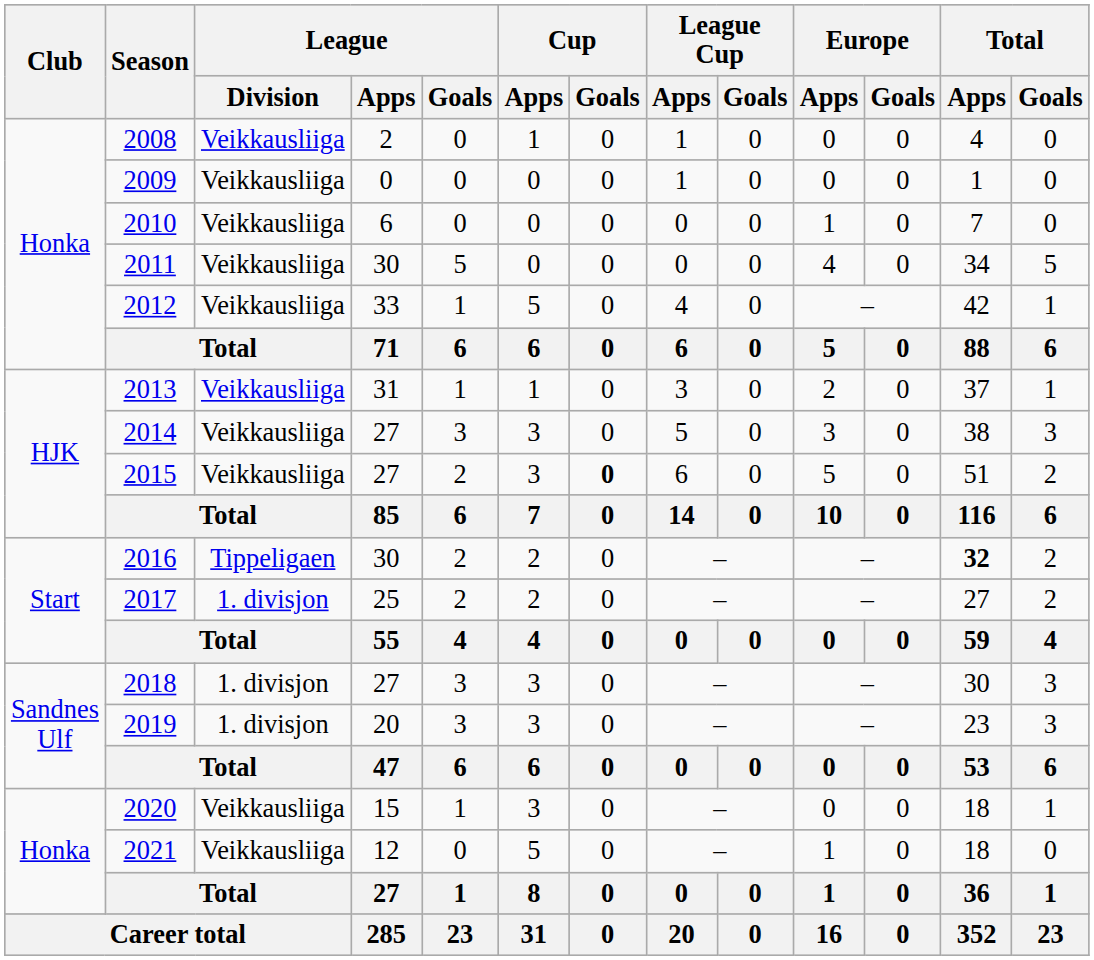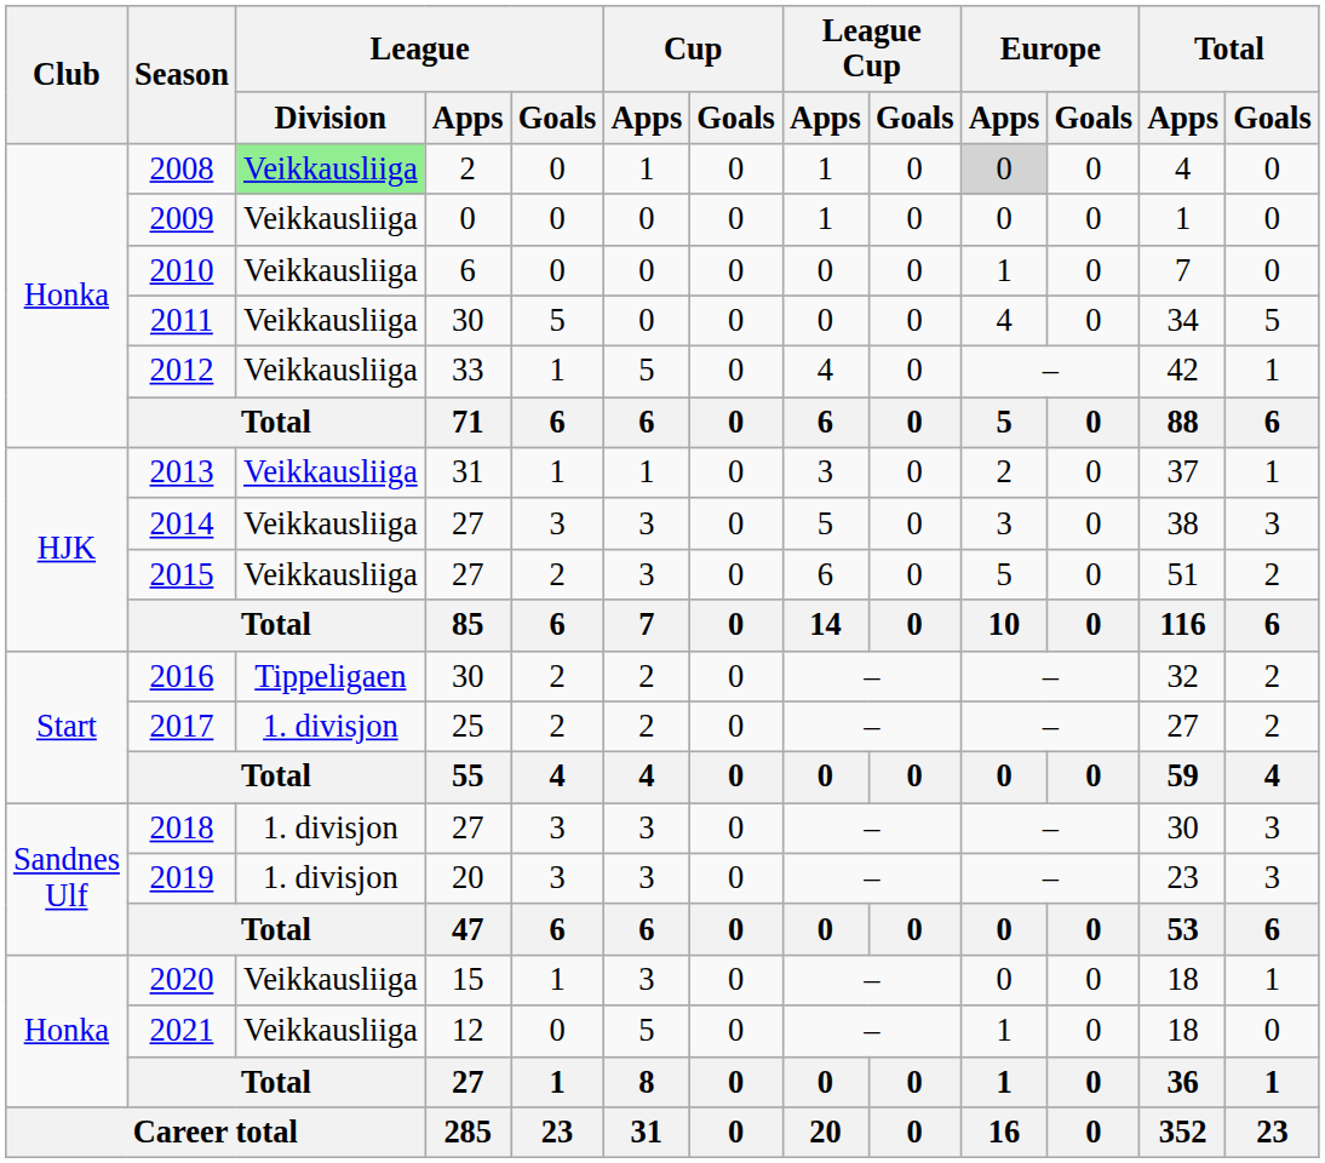 <table class="wikitable" style="text-align: center;">
 <tr>
 <th rowspan="2">Club</th>
 <th rowspan="2">Season</th>
 <th colspan="3">League</th>
 <th colspan="2">Cup</th>
 <th colspan="2">League Cup</th>
 <th colspan="2">Europe</th>
 <th colspan="2">Total</th>
 </tr>
 <tr>
 <th>Division</th>
 <th>Apps</th>
 <th>Goals</th>
 <th>Apps</th>
 <th>Goals</th>
 <th>Apps</th>
 <th>Goals</th>
 <th>Apps</th>
 <th>Goals</th>
 <th>Apps</th>
 <th>Goals</th>
 </tr>
 <tr>
 <td rowspan="6" valign="center"><a href='#'>Honka</a></td>
 <td><a href='#'>2008</a></td>
-<td><a href='#'>Veikkausliiga</a></td>
+<td style="background: lightgreen;"><a href='#'>Veikkausliiga</a></td>
 <td>2</td>
 <td>0</td>
 <td>1</td>
 <td>0</td>
 <td>1</td>
 <td>0</td>
-<td>0</td>
+<td style="background: lightgrey;">0</td>
 <td>0</td>
 <td>4</td>
 <td>0</td>
 </tr>
 <tr>
 <td><a href='#'>2009</a></td>
 <td>Veikkausliiga</td>
 <td>0</td>
 <td>0</td>
 <td>0</td>
 <td>0</td>
 <td>1</td>
 <td>0</td>
 <td>0</td>
 <td>0</td>
 <td>1</td>
 <td>0</td>
 </tr>
 <tr>
 <td><a href='#'>2010</a></td>
 <td>Veikkausliiga</td>
 <td>6</td>
 <td>0</td>
 <td>0</td>
 <td>0</td>
 <td>0</td>
 <td>0</td>
 <td>1</td>
 <td>0</td>
 <td>7</td>
 <td>0</td>
 </tr>
 <tr>
 <td><a href='#'>2011</a></td>
 <td>Veikkausliiga</td>
 <td>30</td>
 <td>5</td>
 <td>0</td>
 <td>0</td>
 <td>0</td>
 <td>0</td>
 <td>4</td>
 <td>0</td>
 <td>34</td>
 <td>5</td>
 </tr>
 <tr>
 <td><a href='#'>2012</a></td>
 <td>Veikkausliiga</td>
 <td>33</td>
 <td>1</td>
 <td>5</td>
 <td>0</td>
 <td>4</td>
 <td>0</td>
 <td colspan="2">–</td>
 <td>42</td>
 <td>1</td>
 </tr>
 <tr>
 <th colspan="2">Total</th>
 <th>71</th>
 <th>6</th>
 <th>6</th>
 <th>0</th>
 <th>6</th>
 <th>0</th>
 <th>5</th>
 <th>0</th>
 <th>88</th>
 <th>6</th>
 </tr>
 <tr>
 <td rowspan="4" valign="center"><a href='#'>HJK</a></td>
 <td><a href='#'>2013</a></td>
 <td><a href='#'>Veikkausliiga</a></td>
 <td>31</td>
 <td>1</td>
 <td>1</td>
 <td>0</td>
 <td>3</td>
 <td>0</td>
 <td>2</td>
 <td>0</td>
 <td>37</td>
 <td>1</td>
 </tr>
 <tr>
 <td><a href='#'>2014</a></td>
 <td>Veikkausliiga</td>
 <td>27</td>
 <td>3</td>
 <td>3</td>
 <td>0</td>
 <td>5</td>
 <td>0</td>
 <td>3</td>
 <td>0</td>
 <td>38</td>
 <td>3</td>
 </tr>
 <tr>
 <td><a href='#'>2015</a></td>
 <td>Veikkausliiga</td>
 <td>27</td>
 <td>2</td>
 <td>3</td>
-<td><strong>0</strong></td>
+<td>0</td>
 <td>6</td>
 <td>0</td>
 <td>5</td>
 <td>0</td>
 <td>51</td>
 <td>2</td>
 </tr>
 <tr>
 <th colspan="2">Total</th>
 <th>85</th>
 <th>6</th>
 <th>7</th>
 <th>0</th>
 <th>14</th>
 <th>0</th>
 <th>10</th>
 <th>0</th>
 <th>116</th>
 <th>6</th>
 </tr>
 <tr>
 <td rowspan="3" valign="center"><a href='#'>Start</a></td>
 <td><a href='#'>2016</a></td>
 <td><a href='#'>Tippeligaen</a></td>
 <td>30</td>
 <td>2</td>
 <td>2</td>
 <td>0</td>
 <td colspan="2">–</td>
 <td colspan="2">–</td>
-<td><strong>32</strong></td>
+<td>32</td>
 <td>2</td>
 </tr>
 <tr>
 <td><a href='#'>2017</a></td>
 <td><a href='#'>1. divisjon</a></td>
 <td>25</td>
 <td>2</td>
 <td>2</td>
 <td>0</td>
 <td colspan="2">–</td>
 <td colspan="2">–</td>
 <td>27</td>
 <td>2</td>
 </tr>
 <tr>
 <th colspan="2">Total</th>
 <th>55</th>
 <th>4</th>
 <th>4</th>
 <th>0</th>
 <th>0</th>
 <th>0</th>
 <th>0</th>
 <th>0</th>
 <th>59</th>
 <th>4</th>
 </tr>
 <tr>
 <td rowspan="3" valign="center"><a href='#'>Sandnes Ulf</a></td>
 <td><a href='#'>2018</a></td>
 <td>1. divisjon</td>
 <td>27</td>
 <td>3</td>
 <td>3</td>
 <td>0</td>
 <td colspan="2">–</td>
 <td colspan="2">–</td>
 <td>30</td>
 <td>3</td>
 </tr>
 <tr>
 <td><a href='#'>2019</a></td>
 <td>1. divisjon</td>
 <td>20</td>
 <td>3</td>
 <td>3</td>
 <td>0</td>
 <td colspan="2">–</td>
 <td colspan="2">–</td>
 <td>23</td>
 <td>3</td>
 </tr>
 <tr>
 <th colspan="2">Total</th>
 <th>47</th>
 <th>6</th>
 <th>6</th>
 <th>0</th>
 <th>0</th>
 <th>0</th>
 <th>0</th>
 <th>0</th>
 <th>53</th>
 <th>6</th>
 </tr>
 <tr>
 <td rowspan="3"><a href='#'>Honka</a></td>
 <td><a href='#'>2020</a></td>
 <td>Veikkausliiga</td>
 <td>15</td>
 <td>1</td>
 <td>3</td>
 <td>0</td>
 <td colspan="2">–</td>
 <td>0</td>
 <td>0</td>
 <td>18</td>
 <td>1</td>
 </tr>
 <tr>
 <td><a href='#'>2021</a></td>
 <td>Veikkausliiga</td>
 <td>12</td>
 <td>0</td>
 <td>5</td>
 <td>0</td>
 <td colspan="2">–</td>
 <td>1</td>
 <td>0</td>
 <td>18</td>
 <td>0</td>
 </tr>
 <tr>
 <th colspan="2">Total</th>
 <th>27</th>
 <th>1</th>
 <th>8</th>
 <th>0</th>
 <th>0</th>
 <th>0</th>
 <th>1</th>
 <th>0</th>
 <th>36</th>
 <th>1</th>
 </tr>
 <tr>
 <th colspan="3">Career total</th>
 <th>285</th>
 <th>23</th>
 <th>31</th>
 <th>0</th>
 <th>20</th>
 <th>0</th>
 <th>16</th>
 <th>0</th>
 <th>352</th>
 <th>23</th>
 </tr>
 </table>
